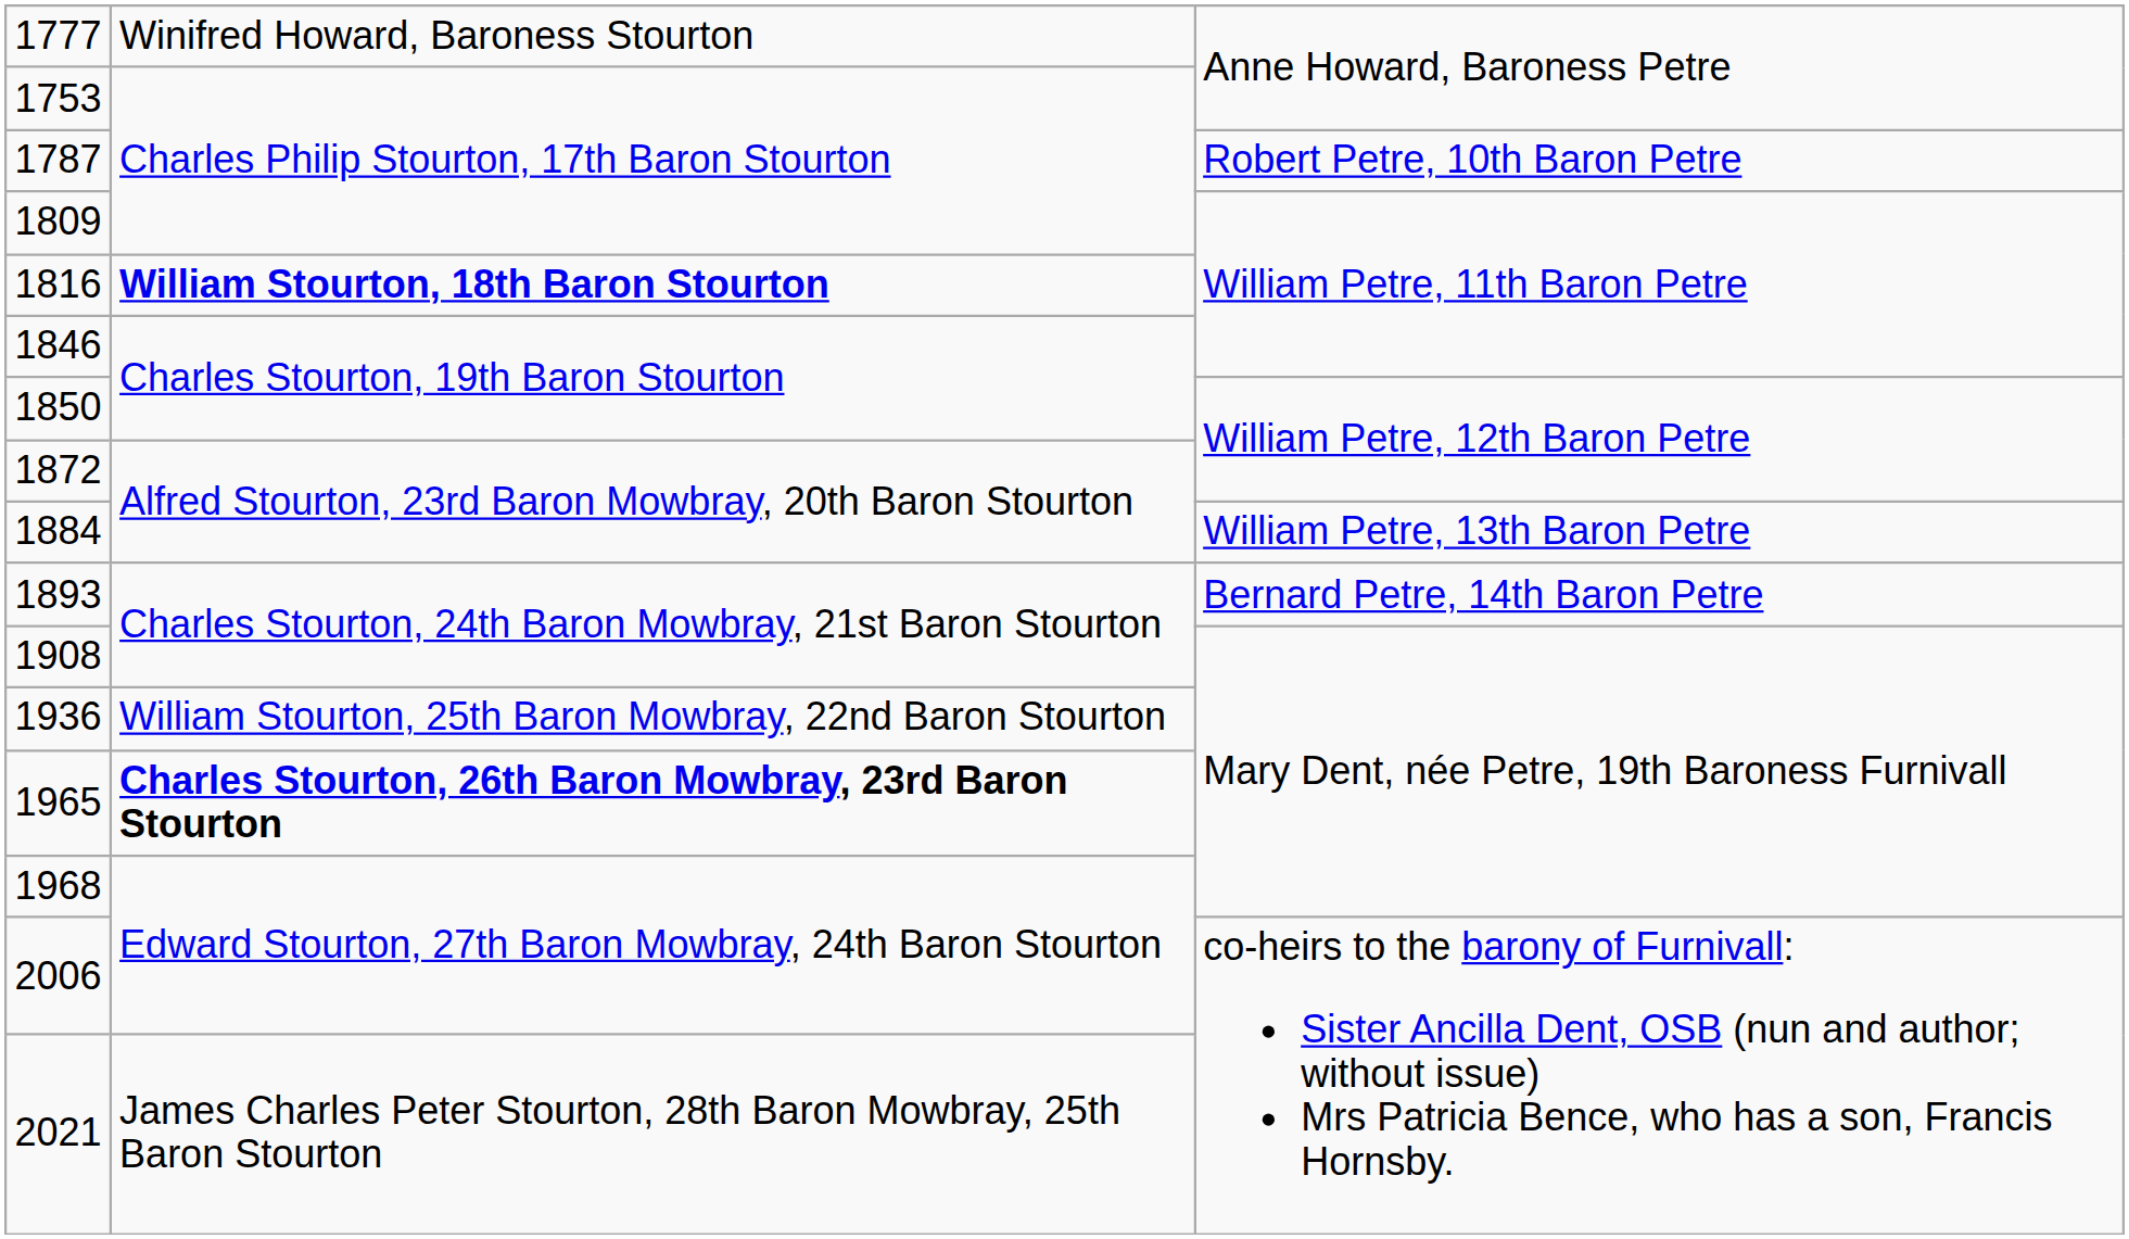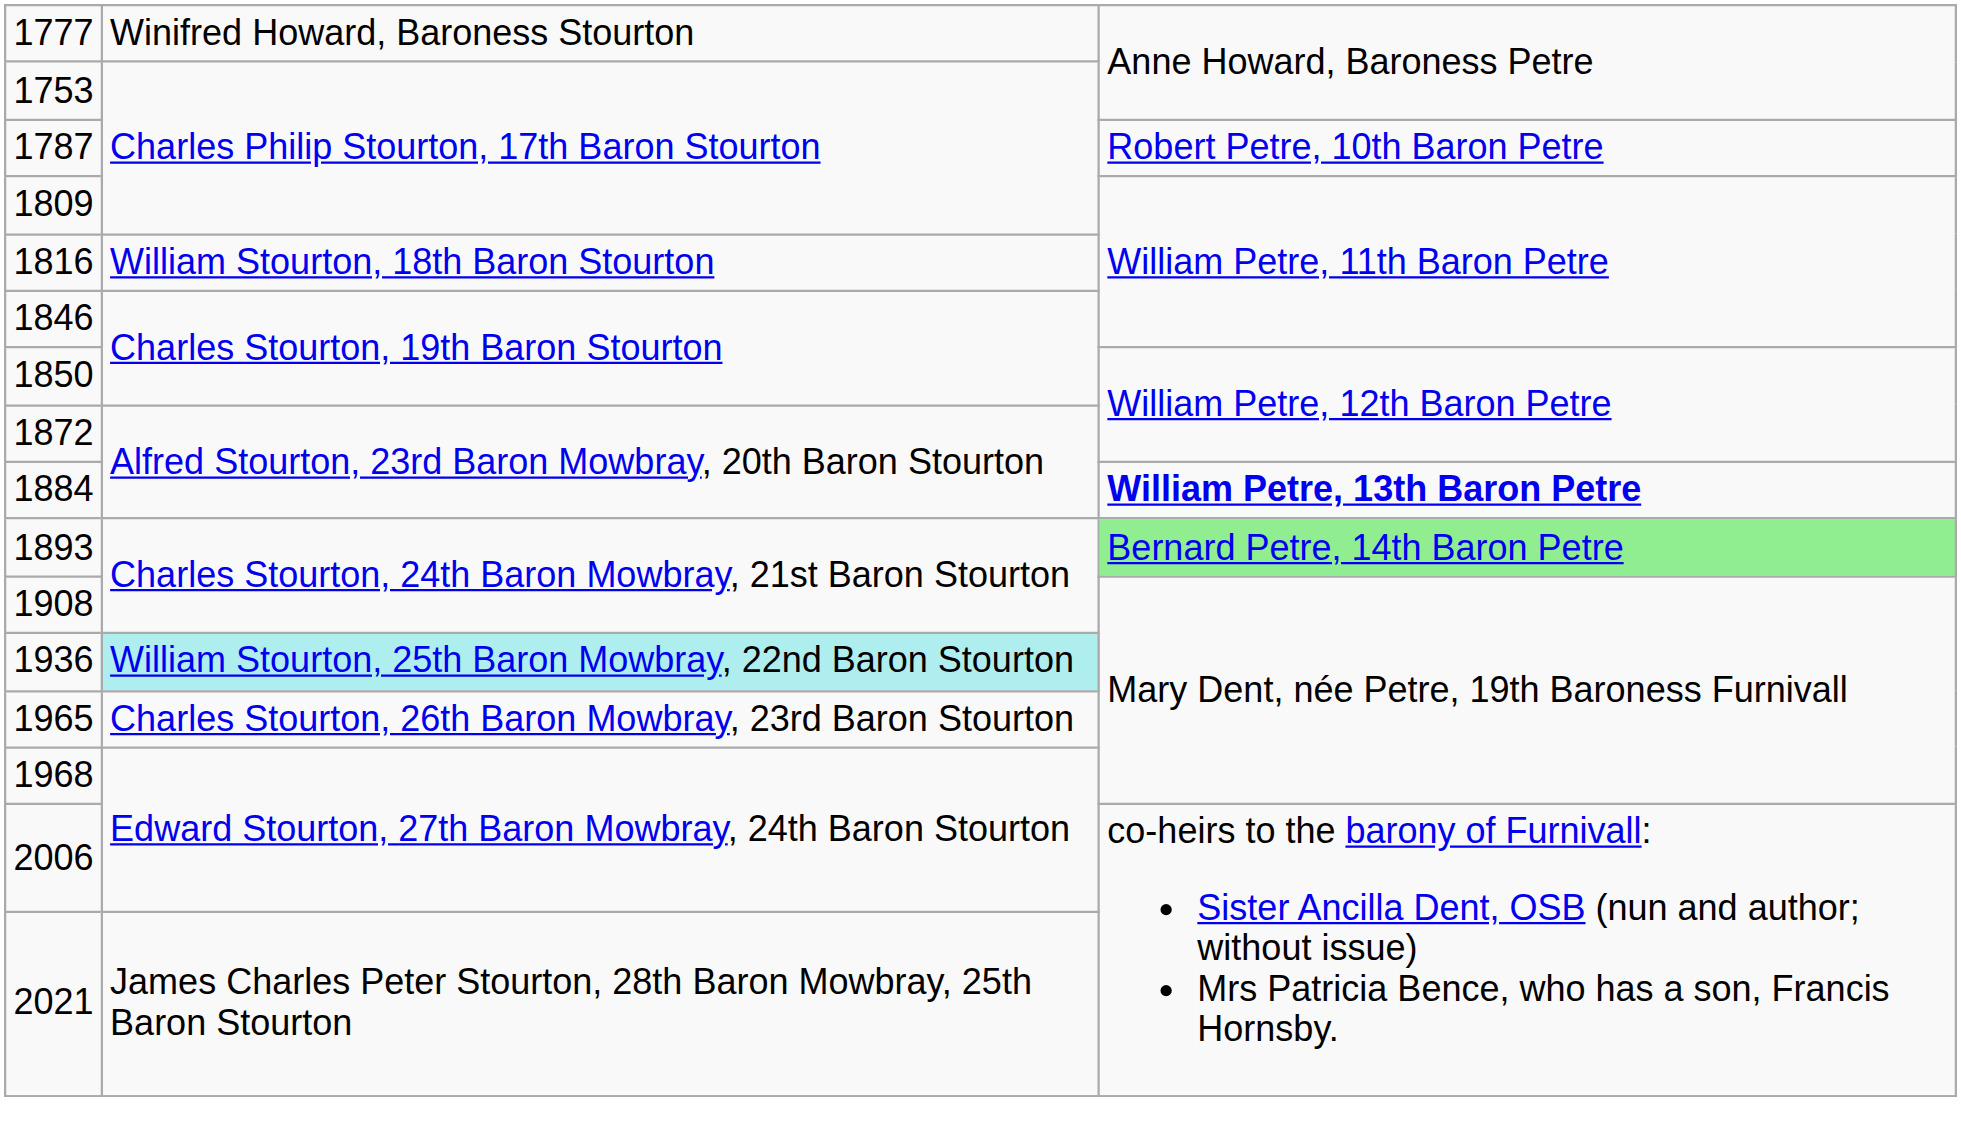 <table class="wikitable">
 <tr>
 <td>1777</td>
 <td>Winifred Howard, Baroness Stourton</td>
 <td rowspan=2>Anne Howard, Baroness Petre</td>
 </tr>
 <tr>
 <td>1753</td>
 <td rowspan=3><a href='#'>Charles Philip Stourton, 17th Baron Stourton</a></td>
 </tr>
 <tr>
 <td>1787</td>
 <td><a href='#'>Robert Petre, 10th Baron Petre</a></td>
 </tr>
 <tr>
 <td>1809</td>
 <td rowspan=3><a href='#'>William Petre, 11th Baron Petre</a></td>
 </tr>
 <tr>
 <td>1816</td>
-<td><strong><a href='#'>William Stourton, 18th Baron Stourton</a></strong></td>
+<td><a href='#'>William Stourton, 18th Baron Stourton</a></td>
 </tr>
 <tr>
 <td>1846</td>
 <td rowspan=2><a href='#'>Charles Stourton, 19th Baron Stourton</a></td>
 </tr>
 <tr>
 <td>1850</td>
 <td rowspan=2><a href='#'>William Petre, 12th Baron Petre</a></td>
 </tr>
 <tr>
 <td>1872</td>
 <td rowspan=2><a href='#'>Alfred Stourton, 23rd Baron Mowbray</a>, 20th Baron Stourton</td>
 </tr>
 <tr>
 <td>1884</td>
-<td><a href='#'>William Petre, 13th Baron Petre</a></td>
+<td><strong><a href='#'>William Petre, 13th Baron Petre</a></strong></td>
 </tr>
 <tr>
 <td>1893</td>
 <td rowspan=2><a href='#'>Charles Stourton, 24th Baron Mowbray</a>, 21st Baron Stourton</td>
-<td><a href='#'>Bernard Petre, 14th Baron Petre</a></td>
+<td style="background: lightgreen;"><a href='#'>Bernard Petre, 14th Baron Petre</a></td>
 </tr>
 <tr>
 <td>1908</td>
 <td rowspan=4>Mary Dent, née Petre, 19th Baroness Furnivall</td>
 </tr>
 <tr>
 <td>1936</td>
-<td><a href='#'>William Stourton, 25th Baron Mowbray</a>, 22nd Baron Stourton</td>
+<td style="background: paleturquoise;"><a href='#'>William Stourton, 25th Baron Mowbray</a>, 22nd Baron Stourton</td>
 </tr>
 <tr>
 <td>1965</td>
-<td><strong><a href='#'>Charles Stourton, 26th Baron Mowbray</a>, 23rd Baron Stourton</strong></td>
+<td><a href='#'>Charles Stourton, 26th Baron Mowbray</a>, 23rd Baron Stourton</td>
 </tr>
 <tr>
 <td>1968</td>
 <td rowspan=2><a href='#'>Edward Stourton, 27th Baron Mowbray</a>, 24th Baron Stourton</td>
 </tr>
 <tr>
 <td>2006</td>
 <td rowspan=2>co-heirs to the <a href='#'>barony of Furnivall</a>:<br><ul><li><a href='#'>Sister Ancilla Dent, OSB</a> (nun and author; without issue)</li><li>Mrs Patricia Bence, who has a son, Francis Hornsby.</li></ul></td>
 </tr>
 <tr>
 <td>2021</td>
 <td>James Charles Peter Stourton, 28th Baron Mowbray, 25th Baron Stourton</td>
 </tr>
 <tr>
 </tr>
 </table>
